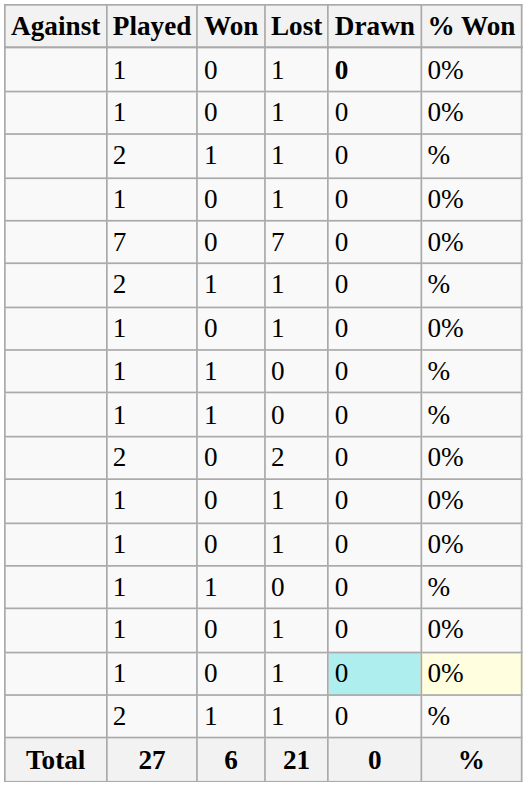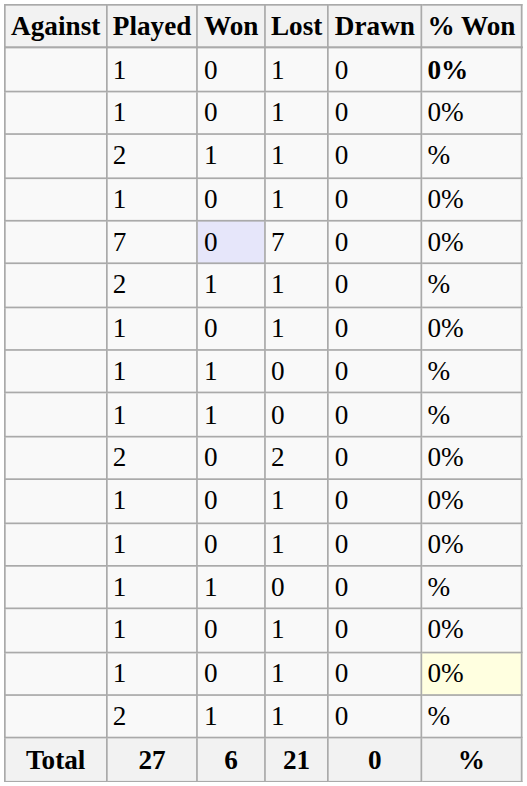 <table class="sortable wikitable">
 <tr>
 <th>Against</th>
 <th>Played</th>
 <th>Won</th>
 <th>Lost</th>
 <th>Drawn</th>
 <th>% Won</th>
 </tr>
 <tr bgcolor="#d0ffd0" align="center">
 </tr>
 <tr>
 <td align="left"></td>
 <td>1</td>
 <td>0</td>
 <td>1</td>
-<td><strong>0</strong></td>
-<td>0%</td>
+<td>0</td>
+<td><strong>0%</strong></td>
 </tr>
 <tr>
 <td align="left"></td>
 <td>1</td>
 <td>0</td>
 <td>1</td>
 <td>0</td>
 <td>0%</td>
 </tr>
 <tr>
 <td align="left"></td>
 <td>2</td>
 <td>1</td>
 <td>1</td>
 <td>0</td>
 <td>%</td>
 </tr>
 <tr>
 <td align="left"></td>
 <td>1</td>
 <td>0</td>
 <td>1</td>
 <td>0</td>
 <td>0%</td>
 </tr>
 <tr>
 <td align="left"></td>
 <td>7</td>
-<td>0</td>
+<td style="background: lavender;">0</td>
 <td>7</td>
 <td>0</td>
 <td>0%</td>
 </tr>
 <tr>
 <td align="left"></td>
 <td>2</td>
 <td>1</td>
 <td>1</td>
 <td>0</td>
 <td>%</td>
 </tr>
 <tr>
 <td align="left"></td>
 <td>1</td>
 <td>0</td>
 <td>1</td>
 <td>0</td>
 <td>0%</td>
 </tr>
 <tr>
 <td align="left"></td>
 <td>1</td>
 <td>1</td>
 <td>0</td>
 <td>0</td>
 <td>%</td>
 </tr>
 <tr>
 <td align="left"></td>
 <td>1</td>
 <td>1</td>
 <td>0</td>
 <td>0</td>
 <td>%</td>
 </tr>
 <tr>
 <td align="left"></td>
 <td>2</td>
 <td>0</td>
 <td>2</td>
 <td>0</td>
 <td>0%</td>
 </tr>
 <tr>
 <td align="left"></td>
 <td>1</td>
 <td>0</td>
 <td>1</td>
 <td>0</td>
 <td>0%</td>
 </tr>
 <tr>
 <td align="left"></td>
 <td>1</td>
 <td>0</td>
 <td>1</td>
 <td>0</td>
 <td>0%</td>
 </tr>
 <tr>
 <td align="left"></td>
 <td>1</td>
 <td>1</td>
 <td>0</td>
 <td>0</td>
 <td>%</td>
 </tr>
 <tr>
 <td align="left"></td>
 <td>1</td>
 <td>0</td>
 <td>1</td>
 <td>0</td>
 <td>0%</td>
 </tr>
 <tr>
 <td align="left"></td>
 <td>1</td>
 <td>0</td>
 <td>1</td>
-<td style="background: paleturquoise;">0</td>
+<td>0</td>
 <td style="background: lightyellow;">0%</td>
 </tr>
 <tr>
 <td align="left"></td>
 <td>2</td>
 <td>1</td>
 <td>1</td>
 <td>0</td>
 <td>%</td>
 </tr>
 <tr>
 <th>Total</th>
 <th><strong>27</strong></th>
 <th><strong>6</strong></th>
 <th><strong>21</strong></th>
 <th><strong>0</strong></th>
 <th><strong>%</strong></th>
 </tr>
 </table>
